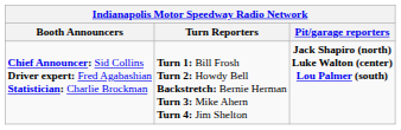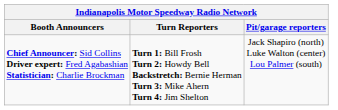 <table class="wikitable" style="font-size: 95%;">
 <tr>
 <th colspan=3><a href='#'>Indianapolis Motor Speedway Radio Network</a></th>
 </tr>
 <tr>
 <th>Booth Announcers</th>
 <th>Turn Reporters</th>
 <th><a href='#'>Pit/garage reporters</a></th>
 </tr>
 <tr>
 <td valign="top"><br><strong><a href='#'>Chief Announcer</a>:</strong> <a href='#'>Sid Collins</a><br> <strong>Driver expert:</strong> <a href='#'>Fred Agabashian</a><br> <strong><a href='#'>Statistician</a>:</strong> <a href='#'>Charlie Brockman</a><br></td>
 <td valign="top"><br><strong>Turn 1:</strong> Bill Frosh<br>     <strong>Turn 2:</strong> Howdy Bell<br> <strong>Backstretch:</strong> Bernie Herman<br> <strong>Turn 3:</strong> Mike Ahern<br> <strong>Turn 4:</strong> Jim Shelton<br></td>
-<td align="center" valign="top"><strong>Jack Shapiro (north)<br>Luke Walton (center)<br><a href='#'>Lou Palmer</a> (south)</strong></td>
+<td align="center" valign="top">Jack Shapiro (north)<br>Luke Walton (center)<br><a href='#'>Lou Palmer</a> (south)</td>
 </tr>
 </table>
